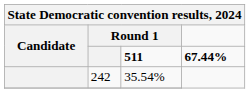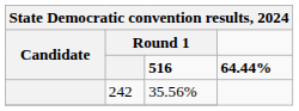 <table class="wikitable sortable">
 <tr>
 <th colspan="5" >State Democratic convention results, 2024</th>
 </tr>
 <tr style="background:#eee; text-align:center;">
 <th rowspan="2" style="text-align:center;">Candidate</th>
 <th colspan="2" style="text-align:center;">Round 1</th>
 </tr>
 <tr>
 <th scope="row" style="text-align:left;"></th>
-<td><strong>511</strong></td>
-<td><strong>67.44%</strong></td>
+<td><strong>516</strong></td>
+<td><strong>64.44%</strong></td>
 </tr>
 <tr>
 <th scope="row" style="text-align:left;"></th>
 <td>242</td>
-<td>35.54%</td>
+<td>35.56%</td>
 </tr>
 <tr>
 </tr>
 </table>
